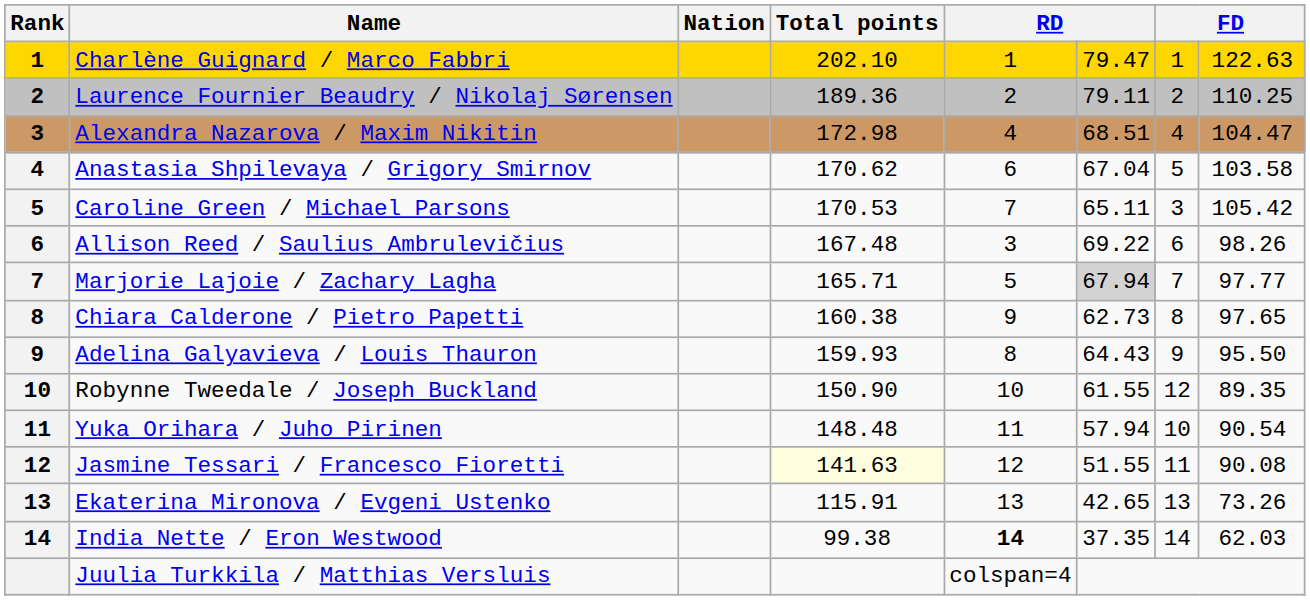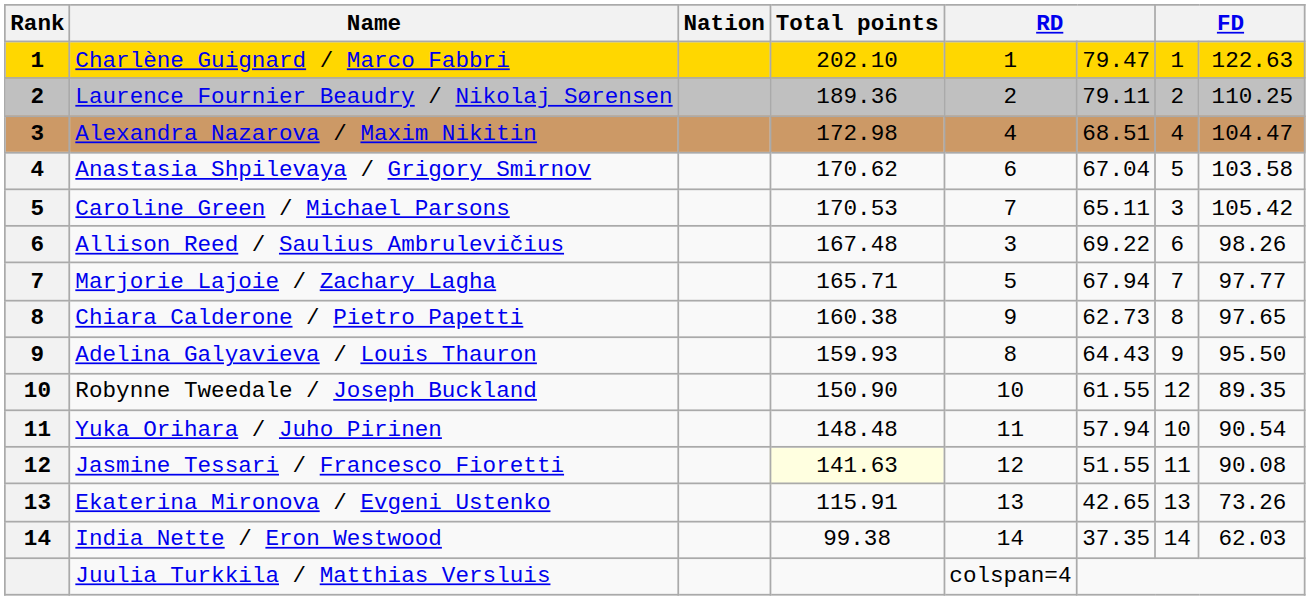 <table class="wikitable sortable">
 <tr>
 <th>Rank</th>
 <th>Name</th>
 <th>Nation</th>
 <th>Total points</th>
 <th colspan="2" width="80px"><a href='#'>RD</a></th>
 <th colspan="2" width="80px"><a href='#'>FD</a></th>
 </tr>
 <tr bgcolor="gold">
 <td align="center"><strong>1</strong></td>
 <td><a href='#'>Charlène Guignard</a> / <a href='#'>Marco Fabbri</a></td>
 <td></td>
 <td align="center">202.10</td>
 <td align="center">1</td>
 <td align="center">79.47</td>
 <td align="center">1</td>
 <td align="center">122.63</td>
 </tr>
 <tr bgcolor="silver">
 <td align="center"><strong>2</strong></td>
 <td><a href='#'>Laurence Fournier Beaudry</a> / <a href='#'>Nikolaj Sørensen</a></td>
 <td></td>
 <td align="center">189.36</td>
 <td align="center">2</td>
 <td align="center">79.11</td>
 <td align="center">2</td>
 <td align="center">110.25</td>
 </tr>
 <tr bgcolor="cc9966">
 <td align="center"><strong>3</strong></td>
 <td><a href='#'>Alexandra Nazarova</a> / <a href='#'>Maxim Nikitin</a></td>
 <td></td>
 <td align="center">172.98</td>
 <td align="center">4</td>
 <td align="center">68.51</td>
 <td align="center">4</td>
 <td align="center">104.47</td>
 </tr>
 <tr>
 <th>4</th>
 <td><a href='#'>Anastasia Shpilevaya</a> / <a href='#'>Grigory Smirnov</a></td>
 <td></td>
 <td align="center">170.62</td>
 <td align="center">6</td>
 <td align="center">67.04</td>
 <td align="center">5</td>
 <td align="center">103.58</td>
 </tr>
 <tr>
 <th>5</th>
 <td><a href='#'>Caroline Green</a> / <a href='#'>Michael Parsons</a></td>
 <td></td>
 <td align="center">170.53</td>
 <td align="center">7</td>
 <td align="center">65.11</td>
 <td align="center">3</td>
 <td align="center">105.42</td>
 </tr>
 <tr>
 <th>6</th>
 <td><a href='#'>Allison Reed</a> / <a href='#'>Saulius Ambrulevičius</a></td>
 <td></td>
 <td align="center">167.48</td>
 <td align="center">3</td>
 <td align="center">69.22</td>
 <td align="center">6</td>
 <td align="center">98.26</td>
 </tr>
 <tr>
 <th>7</th>
 <td><a href='#'>Marjorie Lajoie</a> / <a href='#'>Zachary Lagha</a></td>
 <td></td>
 <td align="center">165.71</td>
 <td align="center">5</td>
-<td align="center" style="background: lightgrey;">67.94</td>
+<td align="center">67.94</td>
 <td align="center">7</td>
 <td align="center">97.77</td>
 </tr>
 <tr>
 <th>8</th>
 <td><a href='#'>Chiara Calderone</a> / <a href='#'>Pietro Papetti</a></td>
 <td></td>
 <td align="center">160.38</td>
 <td align="center">9</td>
 <td align="center">62.73</td>
 <td align="center">8</td>
 <td align="center">97.65</td>
 </tr>
 <tr>
 <th>9</th>
 <td><a href='#'>Adelina Galyavieva</a> / <a href='#'>Louis Thauron</a></td>
 <td></td>
 <td align="center">159.93</td>
 <td align="center">8</td>
 <td align="center">64.43</td>
 <td align="center">9</td>
 <td align="center">95.50</td>
 </tr>
 <tr>
 <th>10</th>
 <td>Robynne Tweedale / <a href='#'>Joseph Buckland</a></td>
 <td></td>
 <td align="center">150.90</td>
 <td align="center">10</td>
 <td align="center">61.55</td>
 <td align="center">12</td>
 <td align="center">89.35</td>
 </tr>
 <tr>
 <th>11</th>
 <td><a href='#'>Yuka Orihara</a> / <a href='#'>Juho Pirinen</a></td>
 <td></td>
 <td align="center">148.48</td>
 <td align="center">11</td>
 <td align="center">57.94</td>
 <td align="center">10</td>
 <td align="center">90.54</td>
 </tr>
 <tr>
 <th>12</th>
 <td><a href='#'>Jasmine Tessari</a> / <a href='#'>Francesco Fioretti</a></td>
 <td></td>
 <td align="center" style="background: lightyellow;">141.63</td>
 <td align="center">12</td>
 <td align="center">51.55</td>
 <td align="center">11</td>
 <td align="center">90.08</td>
 </tr>
 <tr>
 <th>13</th>
 <td><a href='#'>Ekaterina Mironova</a> / <a href='#'>Evgeni Ustenko</a></td>
 <td></td>
 <td align="center">115.91</td>
 <td align="center">13</td>
 <td align="center">42.65</td>
 <td align="center">13</td>
 <td align="center">73.26</td>
 </tr>
 <tr>
 <th>14</th>
 <td><a href='#'>India Nette</a> / <a href='#'>Eron Westwood</a></td>
 <td></td>
 <td align="center">99.38</td>
-<td align="center"><strong>14</strong></td>
+<td align="center">14</td>
 <td align="center">37.35</td>
 <td align="center">14</td>
 <td align="center">62.03</td>
 </tr>
 <tr>
 <th></th>
 <td><a href='#'>Juulia Turkkila</a> / <a href='#'>Matthias Versluis</a></td>
 <td></td>
 <td></td>
 <td>colspan=4 </td>
 </tr>
 </table>
